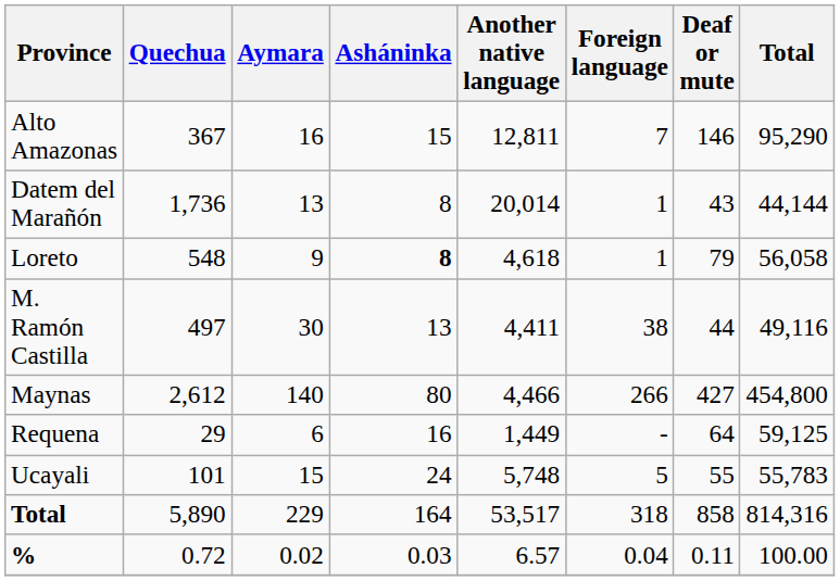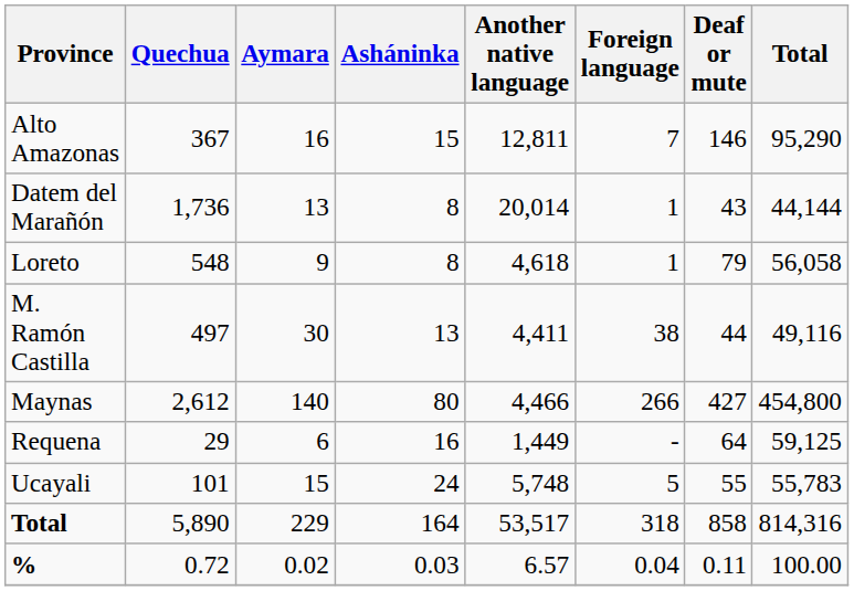 <table class="wikitable" style="width:35%;">
 <tr bgcolor=#EFEFEF>
 <th>Province</th>
 <th><a href='#'>Quechua</a></th>
 <th><a href='#'>Aymara</a></th>
 <th><a href='#'>Asháninka</a></th>
 <th>Another native language</th>
 <th>Foreign language</th>
 <th>Deaf or mute</th>
 <th>Total</th>
 </tr>
 <tr>
 <td>Alto Amazonas</td>
 <td align="right">367</td>
 <td align="right">16</td>
 <td align="right">15</td>
 <td align="right">12,811</td>
 <td align="right">7</td>
 <td align="right">146</td>
 <td align="right">95,290</td>
 </tr>
 <tr>
 <td>Datem del Marañón</td>
 <td align="right">1,736</td>
 <td align="right">13</td>
 <td align="right">8</td>
 <td align="right">20,014</td>
 <td align="right">1</td>
 <td align="right">43</td>
 <td align="right">44,144</td>
 </tr>
 <tr>
 <td>Loreto</td>
 <td align="right">548</td>
 <td align="right">9</td>
-<td align="right"><strong>8</strong></td>
+<td align="right">8</td>
 <td align="right">4,618</td>
 <td align="right">1</td>
 <td align="right">79</td>
 <td align="right">56,058</td>
 </tr>
 <tr>
 <td>M. Ramón Castilla</td>
 <td align="right">497</td>
 <td align="right">30</td>
 <td align="right">13</td>
 <td align="right">4,411</td>
 <td align="right">38</td>
 <td align="right">44</td>
 <td align="right">49,116</td>
 </tr>
 <tr>
 <td>Maynas</td>
 <td align="right">2,612</td>
 <td align="right">140</td>
 <td align="right">80</td>
 <td align="right">4,466</td>
 <td align="right">266</td>
 <td align="right">427</td>
 <td align="right">454,800</td>
 </tr>
 <tr>
 <td>Requena</td>
 <td align="right">29</td>
 <td align="right">6</td>
 <td align="right">16</td>
 <td align="right">1,449</td>
 <td align="right">-</td>
 <td align="right">64</td>
 <td align="right">59,125</td>
 </tr>
 <tr>
 <td>Ucayali</td>
 <td align="right">101</td>
 <td align="right">15</td>
 <td align="right">24</td>
 <td align="right">5,748</td>
 <td align="right">5</td>
 <td align="right">55</td>
 <td align="right">55,783</td>
 </tr>
 <tr>
 <td><strong>Total</strong></td>
 <td align="right">5,890</td>
 <td align="right">229</td>
 <td align="right">164</td>
 <td align="right">53,517</td>
 <td align="right">318</td>
 <td align="right">858</td>
 <td align="right">814,316</td>
 </tr>
 <tr>
 <td><strong>%</strong></td>
 <td align="right">0.72</td>
 <td align="right">0.02</td>
 <td align="right">0.03</td>
 <td align="right">6.57</td>
 <td align="right">0.04</td>
 <td align="right">0.11</td>
 <td align="right">100.00</td>
 </tr>
 <tr>
 </tr>
 </table>
